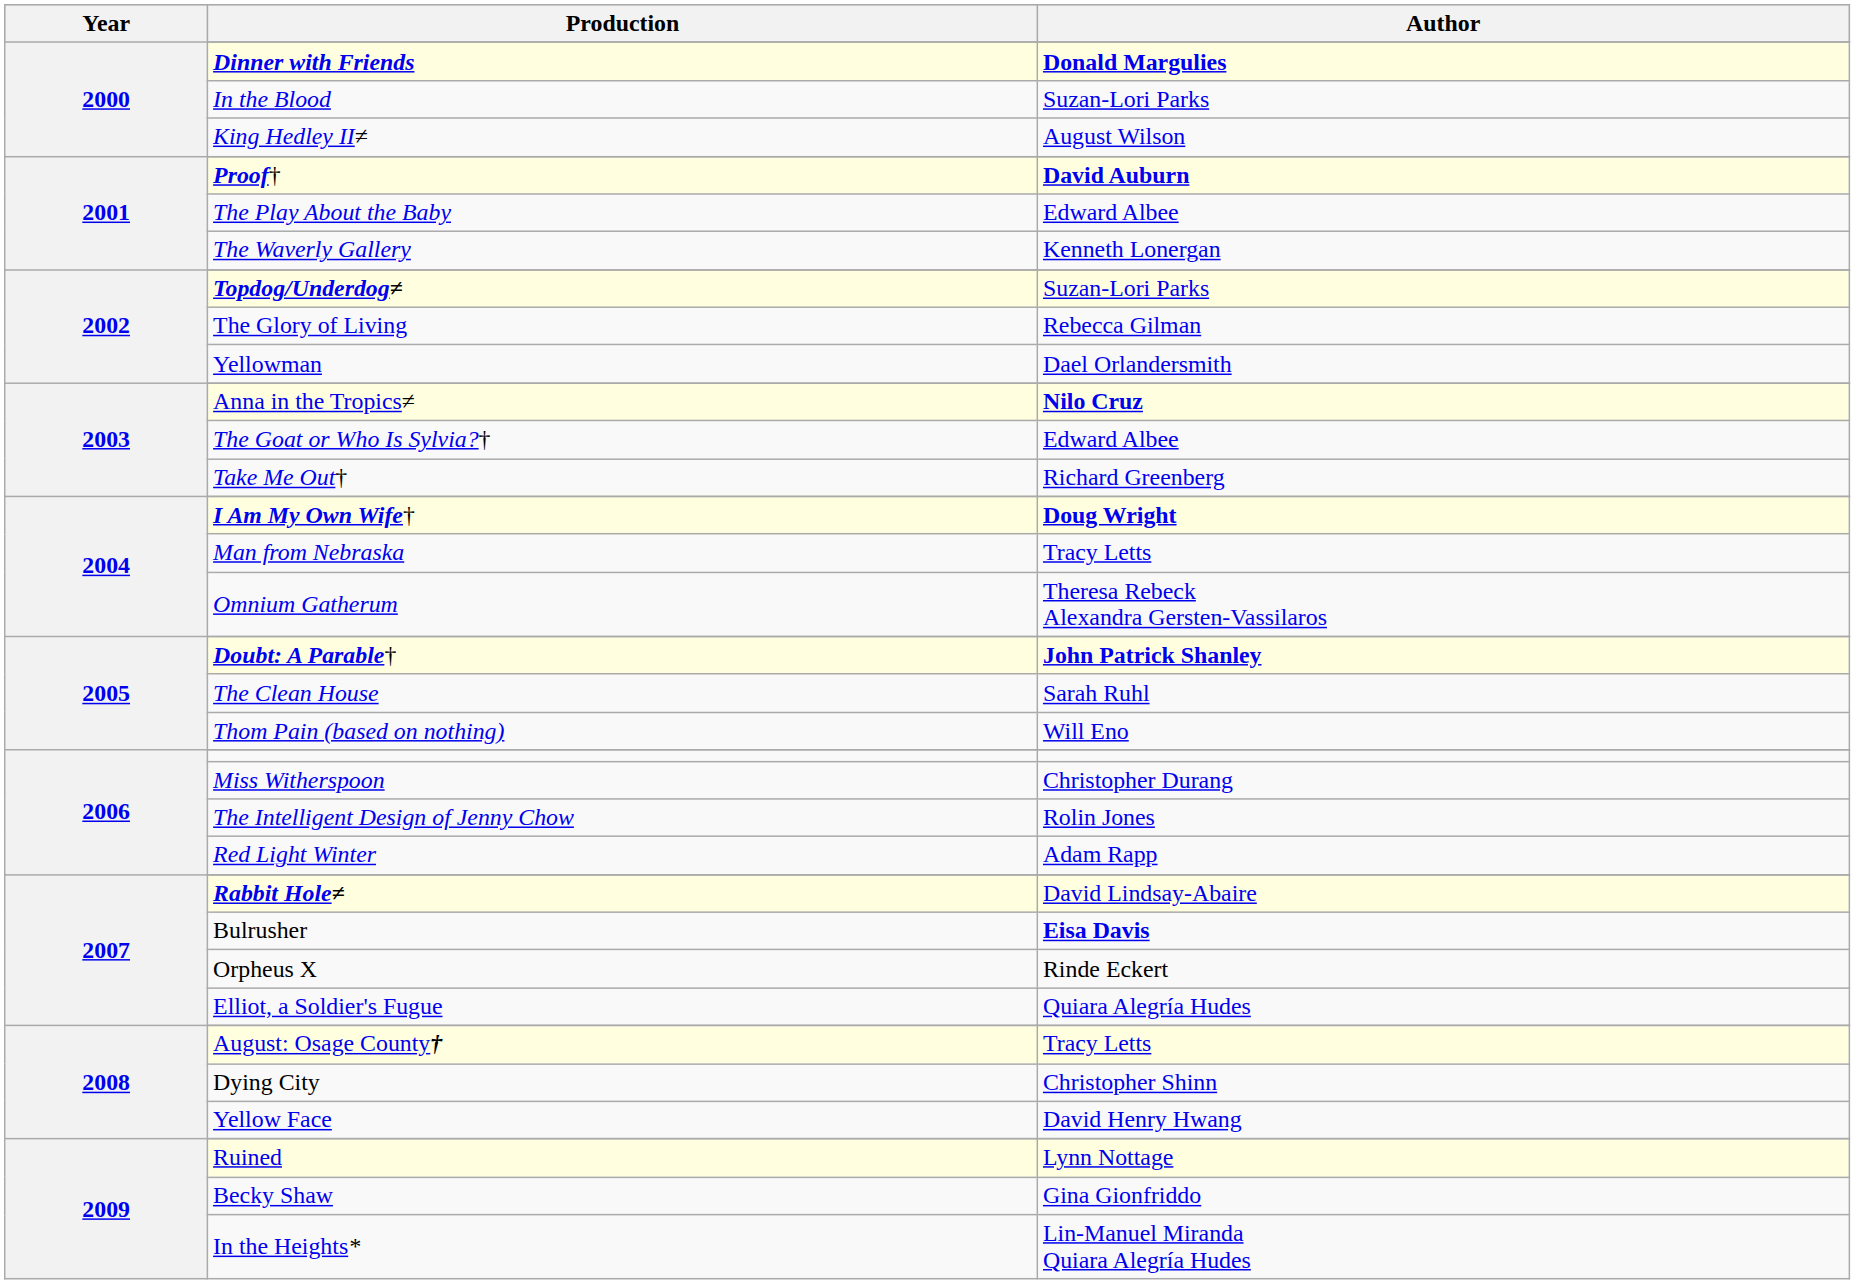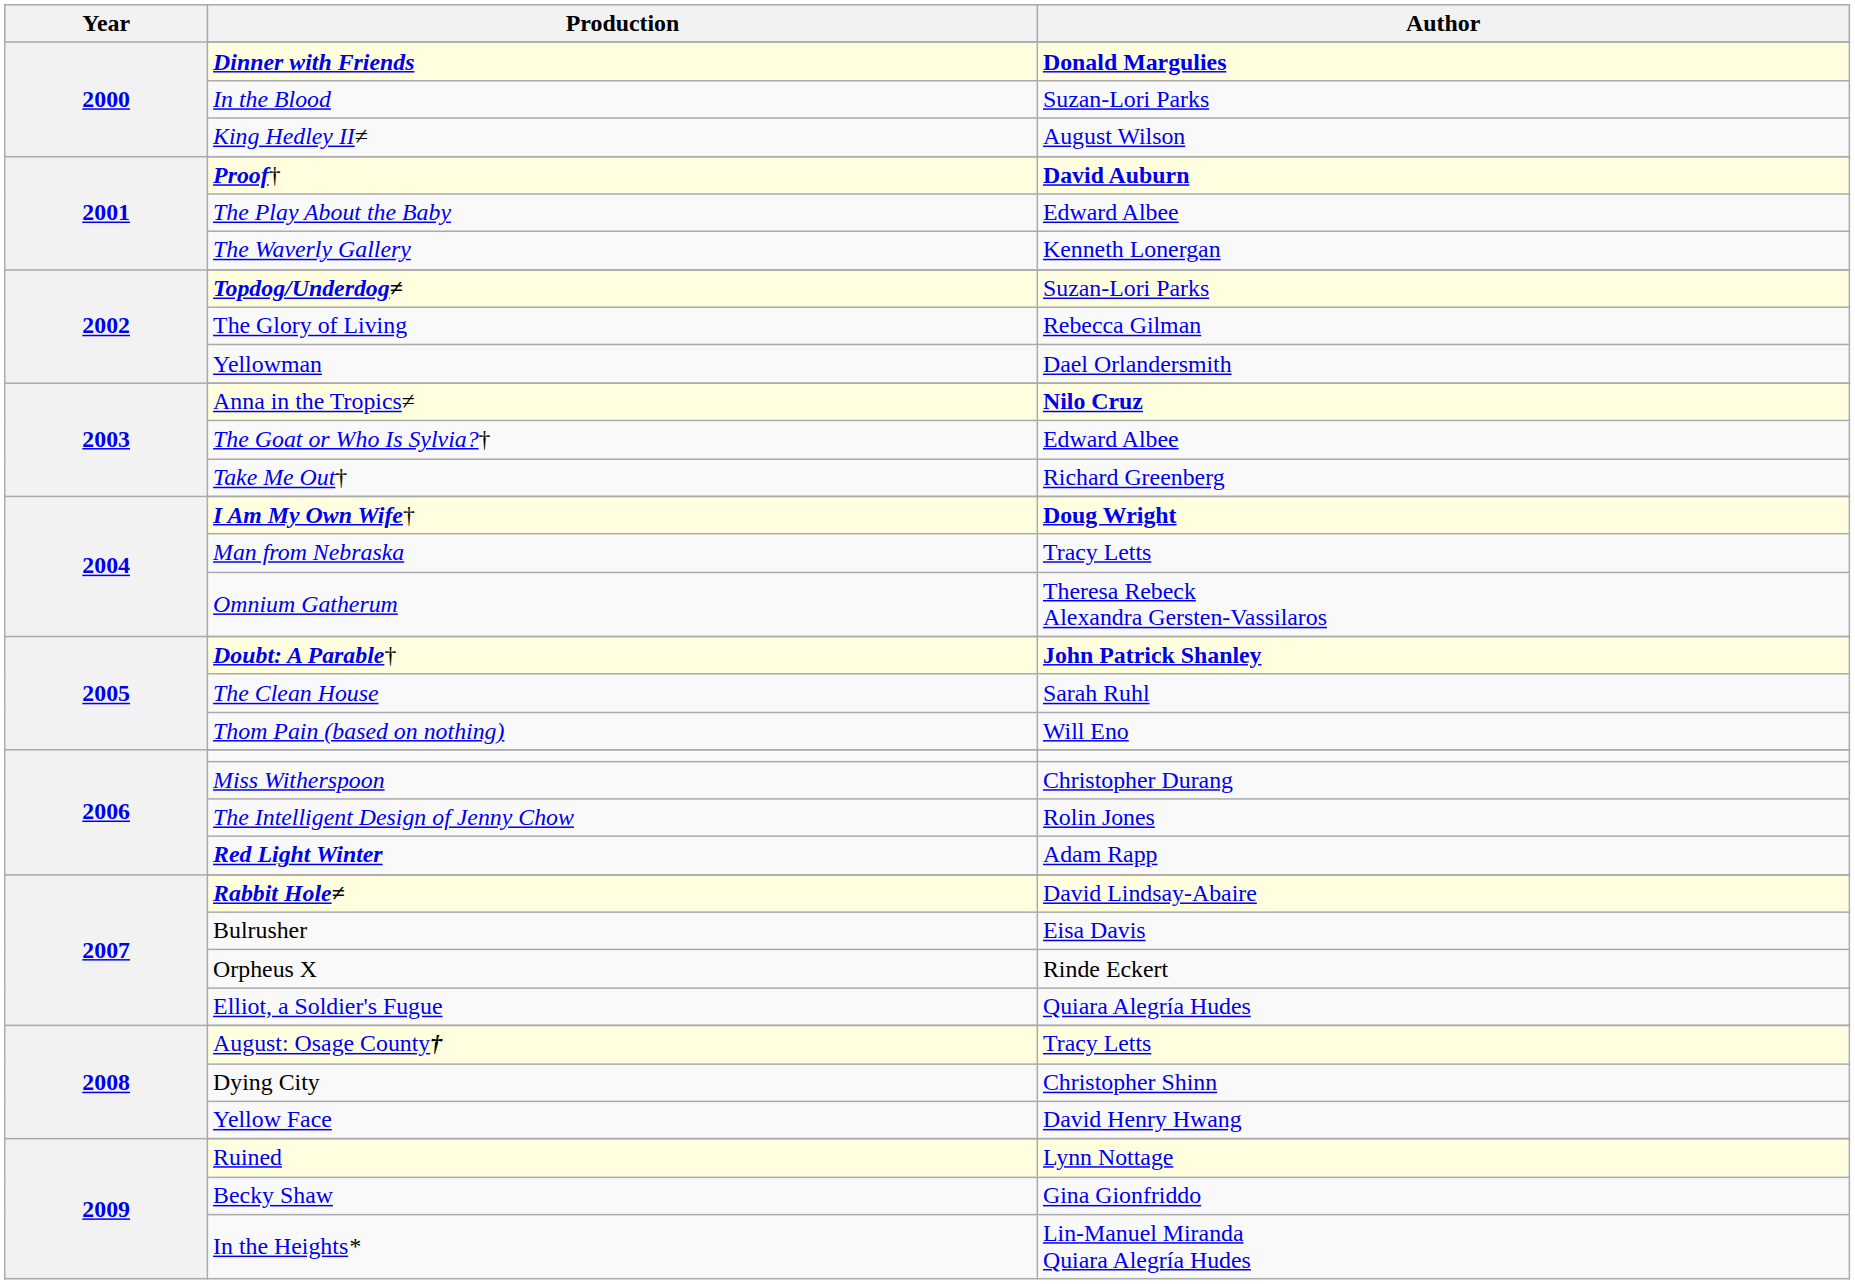 <table class="wikitable" style="width:98%">
 <tr style="background:#bebebe;">
 <th style="width:11%;">Year</th>
 <th style="width:45%;">Production</th>
 <th style="width:44%;">Author</th>
 </tr>
 <tr>
 <th rowspan="4" style="text-align:center"><strong><a href='#'>2000</a></strong></th>
 </tr>
 <tr style="background-color:lightyellow;">
 <td><strong><em><a href='#'>Dinner with Friends</a></em></strong></td>
 <td><strong><a href='#'>Donald Margulies</a></strong></td>
 </tr>
 <tr>
 <td><em><a href='#'>In the Blood</a></em></td>
 <td><a href='#'>Suzan-Lori Parks</a></td>
 </tr>
 <tr>
 <td><em><a href='#'>King Hedley II</a>≠</em></td>
 <td><a href='#'>August Wilson</a></td>
 </tr>
 <tr>
 <th rowspan="4" style="text-align:center"><strong><a href='#'>2001</a></strong></th>
 </tr>
 <tr style="background-color:lightyellow;">
 <td><strong><em><a href='#'>Proof</a></em></strong>†</td>
 <td><strong><a href='#'>David Auburn</a></strong></td>
 </tr>
 <tr>
 <td><em><a href='#'>The Play About the Baby</a></em></td>
 <td><a href='#'>Edward Albee</a></td>
 </tr>
 <tr>
 <td><em><a href='#'>The Waverly Gallery</a></em></td>
 <td><a href='#'>Kenneth Lonergan</a></td>
 </tr>
 <tr>
 <th rowspan="4" style="text-align:center"><strong><a href='#'>2002</a></strong></th>
 </tr>
 <tr style="background-color:lightyellow;">
 <td><strong><em><a href='#'>Topdog/Underdog</a><strong>≠<em></td>
 <td></strong><a href='#'>Suzan-Lori Parks</a><strong></td>
 </tr>
 <tr>
 <td></em><a href='#'>The Glory of Living</a><em></td>
 <td><a href='#'>Rebecca Gilman</a></td>
 </tr>
 <tr>
 <td></em><a href='#'>Yellowman</a><em></td>
 <td><a href='#'>Dael Orlandersmith</a></td>
 </tr>
 <tr>
 <th rowspan="4" style="text-align:center"></strong><a href='#'>2003</a><strong></th>
 </tr>
 <tr style="background-color:lightyellow;">
 <td></em></strong><a href='#'>Anna in the Tropics</a></strong>≠</em></td>
 <td><strong><a href='#'>Nilo Cruz</a></strong></td>
 </tr>
 <tr>
 <td><em><a href='#'>The Goat or Who Is Sylvia?</a></em>†</td>
 <td><a href='#'>Edward Albee</a></td>
 </tr>
 <tr>
 <td><em><a href='#'>Take Me Out</a></em>†</td>
 <td><a href='#'>Richard Greenberg</a></td>
 </tr>
 <tr>
 <th rowspan="4" style="text-align:center"><strong><a href='#'>2004</a></strong></th>
 </tr>
 <tr style="background-color:lightyellow;">
 <td><strong><em><a href='#'>I Am My Own Wife</a></em></strong>†</td>
 <td><strong><a href='#'>Doug Wright</a></strong></td>
 </tr>
 <tr>
 <td><em><a href='#'>Man from Nebraska</a></em></td>
 <td><a href='#'>Tracy Letts</a></td>
 </tr>
 <tr>
 <td><em><a href='#'>Omnium Gatherum</a></em></td>
 <td><a href='#'>Theresa Rebeck</a> <br> <a href='#'>Alexandra Gersten-Vassilaros</a></td>
 </tr>
 <tr>
 <th rowspan="4" style="text-align:center"><strong><a href='#'>2005</a></strong></th>
 </tr>
 <tr style="background-color:lightyellow;">
 <td><strong><em><a href='#'>Doubt: A Parable</a></em></strong>†</td>
 <td><strong><a href='#'>John Patrick Shanley</a></strong></td>
 </tr>
 <tr>
 <td><em><a href='#'>The Clean House</a></em></td>
 <td><a href='#'>Sarah Ruhl</a></td>
 </tr>
 <tr>
 <td><em><a href='#'>Thom Pain (based on nothing)</a></em></td>
 <td><a href='#'>Will Eno</a></td>
 </tr>
 <tr>
 <th rowspan="5" style="text-align:center"><strong><a href='#'>2006</a></strong></th>
 </tr>
 <tr style="background:">
 <td></td>
 <td></td>
 </tr>
 <tr>
 <td><em><a href='#'>Miss Witherspoon</a></em></td>
 <td><a href='#'>Christopher Durang</a></td>
 </tr>
 <tr>
 <td><em><a href='#'>The Intelligent Design of Jenny Chow</a></em></td>
 <td><a href='#'>Rolin Jones</a></td>
 </tr>
 <tr>
-<td><em><a href='#'>Red Light Winter</a></em></td>
+<td><strong><em><a href='#'>Red Light Winter</a></em></strong></td>
 <td><a href='#'>Adam Rapp</a></td>
 </tr>
 <tr>
 <th rowspan="5" style="text-align:center"><strong><a href='#'>2007</a></strong></th>
 </tr>
 <tr style="background-color:lightyellow;">
 <td><strong><em><a href='#'>Rabbit Hole</a><strong>≠<em></td>
 <td></strong><a href='#'>David Lindsay-Abaire</a><strong></td>
 </tr>
 <tr>
 <td></em>Bulrusher<em></td>
-<td><strong><a href='#'>Eisa Davis</a></strong></td>
+<td><a href='#'>Eisa Davis</a></td>
 </tr>
 <tr>
 <td></em>Orpheus X<em></td>
 <td>Rinde Eckert</td>
 </tr>
 <tr>
 <td></em><a href='#'>Elliot, a Soldier's Fugue</a><em></td>
 <td><a href='#'>Quiara Alegría Hudes</a></td>
 </tr>
 <tr>
 <th rowspan="4" style="text-align:center"></strong><a href='#'>2008</a><strong></th>
 </tr>
 <tr style="background-color:lightyellow;">
 <td></em></strong><a href='#'>August: Osage County</a><strong><em>†</td>
 <td></strong><a href='#'>Tracy Letts</a><strong></td>
 </tr>
 <tr>
 <td></em>Dying City<em></td>
 <td><a href='#'>Christopher Shinn</a></td>
 </tr>
 <tr>
 <td></em><a href='#'>Yellow Face</a><em></td>
 <td><a href='#'>David Henry Hwang</a></td>
 </tr>
 <tr>
 <th rowspan="4" style="text-align:center"></strong><a href='#'>2009</a><strong></th>
 </tr>
 <tr style="background-color:lightyellow;">
 <td></em></strong><a href='#'>Ruined</a><strong><em></td>
 <td></strong><a href='#'>Lynn Nottage</a><strong></td>
 </tr>
 <tr>
 <td></em><a href='#'>Becky Shaw</a><em></td>
 <td><a href='#'>Gina Gionfriddo</a></td>
 </tr>
 <tr>
 <td></em><a href='#'>In the Heights</a><em>*</td>
 <td><a href='#'>Lin-Manuel Miranda</a> <br> <a href='#'>Quiara Alegría Hudes</a></td>
 </tr>
 </table>
